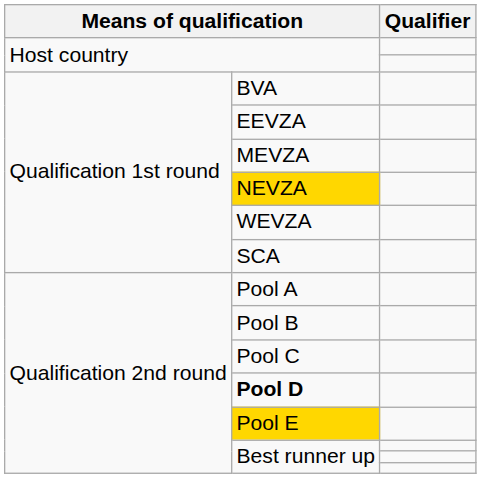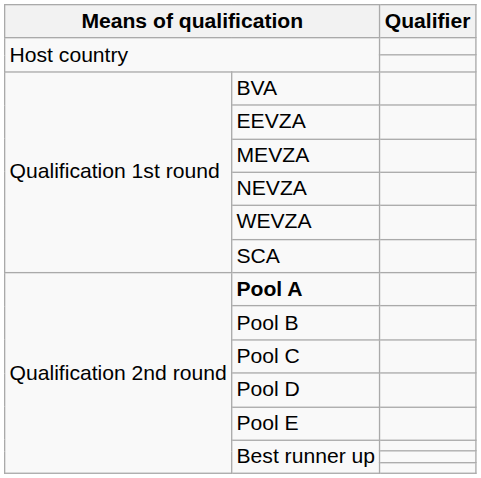 <table class="wikitable">
 <tr>
 <th colspan=2>Means of qualification</th>
 <th>Qualifier</th>
 </tr>
 <tr>
 <td colspan=2 rowspan=2>Host country</td>
 <td></td>
 </tr>
 <tr>
 <td></td>
 </tr>
 <tr>
 <td rowspan=6>Qualification 1st round</td>
 <td>BVA</td>
 <td></td>
 </tr>
 <tr>
 <td>EEVZA</td>
 <td></td>
 </tr>
 <tr>
 <td>MEVZA</td>
 <td></td>
 </tr>
 <tr>
-<td style="background: gold;">NEVZA</td>
+<td>NEVZA</td>
 <td></td>
 </tr>
 <tr>
 <td>WEVZA</td>
 <td></td>
 </tr>
 <tr>
 <td>SCA</td>
 <td></td>
 </tr>
 <tr>
 <td rowspan=8>Qualification 2nd round</td>
-<td>Pool A</td>
+<td><strong>Pool A</strong></td>
 <td></td>
 </tr>
 <tr>
 <td>Pool B</td>
 <td></td>
 </tr>
 <tr>
 <td>Pool C</td>
 <td></td>
 </tr>
 <tr>
-<td><strong>Pool D</strong></td>
+<td>Pool D</td>
 <td></td>
 </tr>
 <tr>
-<td style="background: gold;">Pool E</td>
+<td>Pool E</td>
 <td></td>
 </tr>
 <tr>
 <td rowspan=3>Best runner up</td>
 <td></td>
 </tr>
 <tr>
 <td></td>
 </tr>
 <tr>
 <td></td>
 </tr>
 </table>
